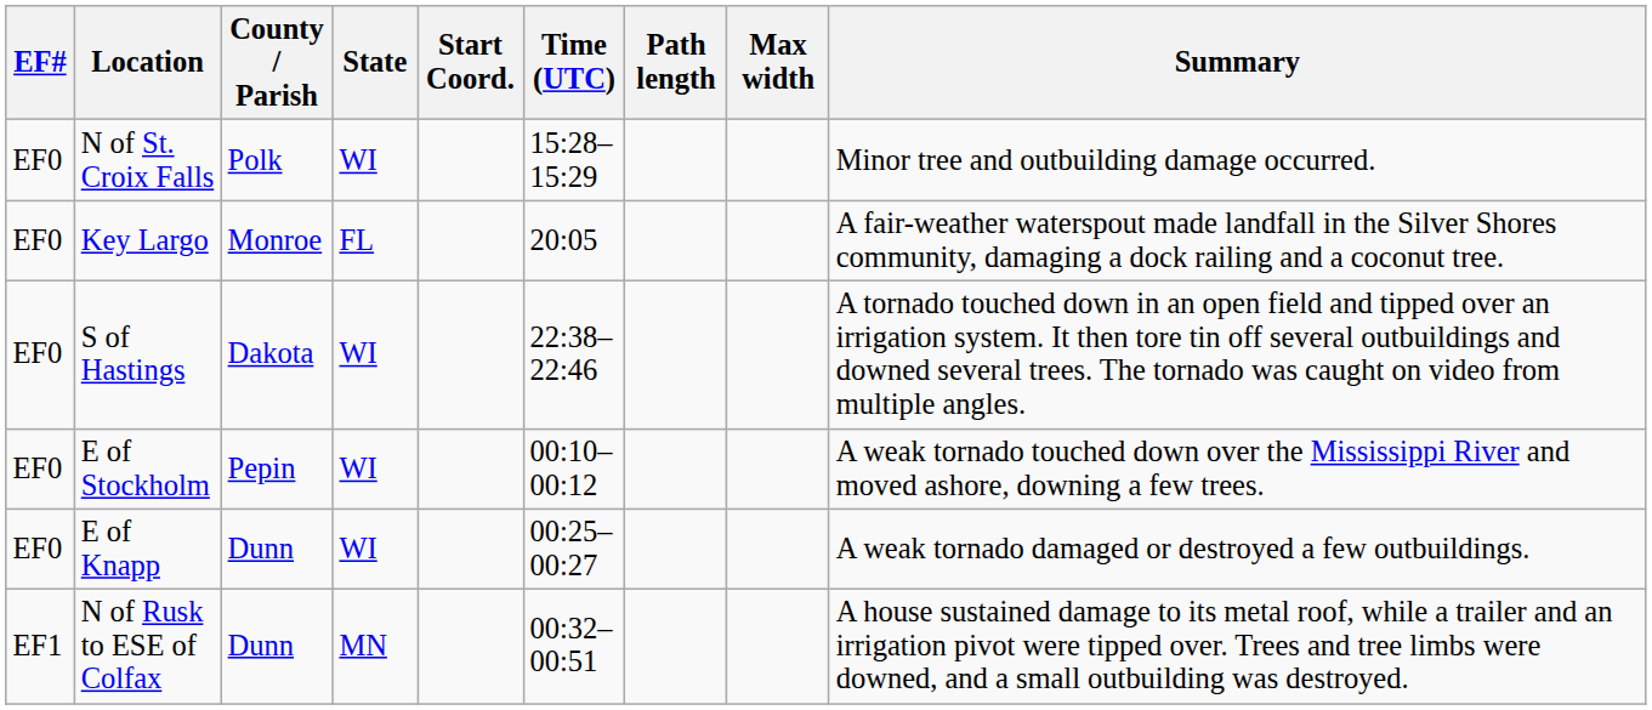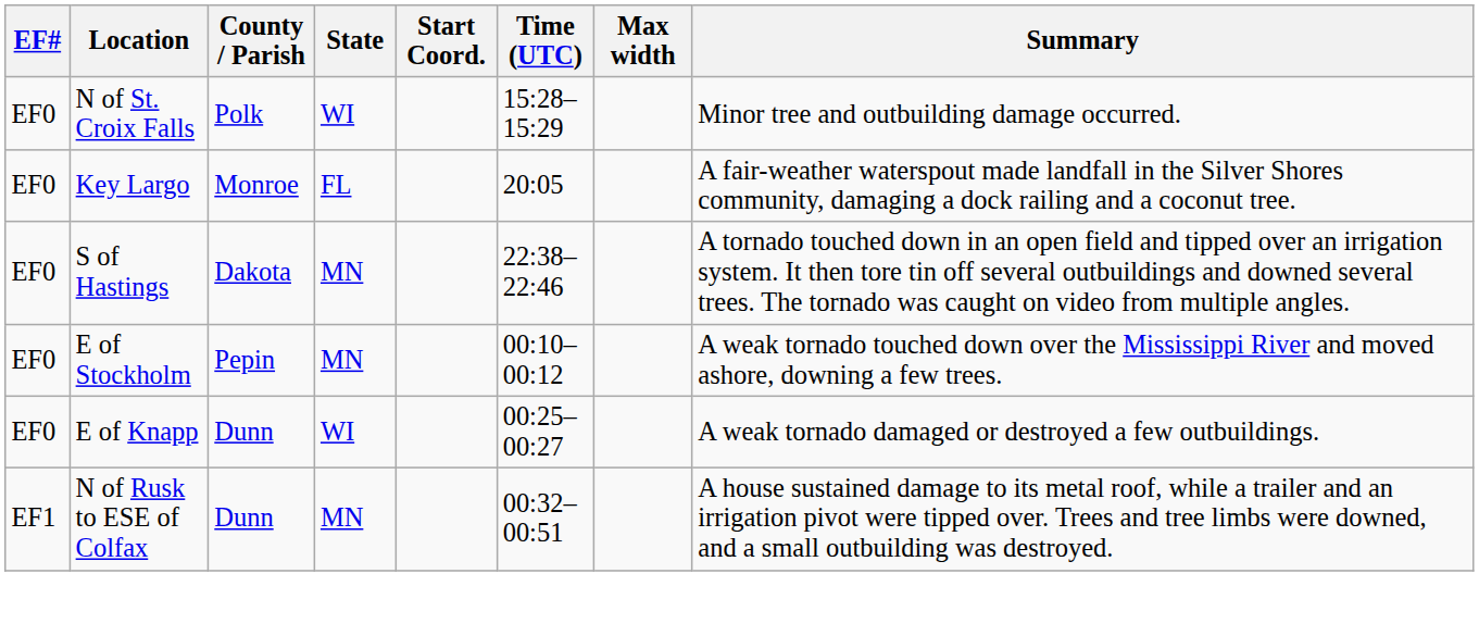 <table class="wikitable sortable" style="width:100%;">
 <tr>
 <th scope="col"  style="width:3%; text-align:center;"><a href='#'>EF#</a></th>
 <th scope="col"  style="width:7%; text-align:center;" class="unsortable">Location</th>
 <th scope="col"  style="width:6%; text-align:center;" class="unsortable">County / Parish</th>
 <th scope="col"  style="width:5%; text-align:center;">State</th>
 <th scope="col"  style="width:6%; text-align:center;">Start Coord.</th>
 <th scope="col"  style="width:6%; text-align:center;">Time (<a href='#'>UTC</a>)</th>
-<th scope="col"  style="width:6%; text-align:center;">Path length</th>
 <th scope="col"  style="width:6%; text-align:center;">Max width</th>
 <th scope="col" class="unsortable" style="width:48%; text-align:center;">Summary</th>
 </tr>
 <tr>
 <td>EF0</td>
 <td>N of <a href='#'>St. Croix Falls</a></td>
 <td><a href='#'>Polk</a></td>
 <td><a href='#'>WI</a></td>
 <td></td>
 <td>15:28–15:29</td>
 <td></td>
-<td></td>
 <td>Minor tree and outbuilding damage occurred.</td>
 </tr>
 <tr>
 <td>EF0</td>
 <td><a href='#'>Key Largo</a></td>
 <td><a href='#'>Monroe</a></td>
 <td><a href='#'>FL</a></td>
 <td></td>
 <td>20:05</td>
 <td></td>
-<td></td>
 <td>A fair-weather waterspout made landfall in the Silver Shores community, damaging a dock railing and a coconut tree.</td>
 </tr>
 <tr>
 <td>EF0</td>
 <td>S of <a href='#'>Hastings</a></td>
 <td><a href='#'>Dakota</a></td>
-<td><a href='#'>WI</a></td>
+<td><a href='#'>MN</a></td>
 <td></td>
 <td>22:38–22:46</td>
-<td></td>
 <td></td>
 <td>A tornado touched down in an open field and tipped over an irrigation system. It then tore tin off several outbuildings and downed several trees. The tornado was caught on video from multiple angles.</td>
 </tr>
 <tr>
 <td>EF0</td>
 <td>E of <a href='#'>Stockholm</a></td>
 <td><a href='#'>Pepin</a></td>
-<td><a href='#'>WI</a></td>
+<td><a href='#'>MN</a></td>
 <td></td>
 <td>00:10–00:12</td>
-<td></td>
 <td></td>
 <td>A weak tornado touched down over the <a href='#'>Mississippi River</a> and moved ashore, downing a few trees.</td>
 </tr>
 <tr>
 <td>EF0</td>
 <td>E of <a href='#'>Knapp</a></td>
 <td><a href='#'>Dunn</a></td>
 <td><a href='#'>WI</a></td>
 <td></td>
 <td>00:25–00:27</td>
 <td></td>
-<td></td>
 <td>A weak tornado damaged or destroyed a few outbuildings.</td>
 </tr>
 <tr>
 <td>EF1</td>
 <td>N of <a href='#'>Rusk</a> to ESE of <a href='#'>Colfax</a></td>
 <td><a href='#'>Dunn</a></td>
 <td><a href='#'>MN</a></td>
 <td></td>
 <td>00:32–00:51</td>
 <td></td>
-<td></td>
 <td>A house sustained damage to its metal roof, while a trailer and an irrigation pivot were tipped over. Trees and tree limbs were downed, and a small outbuilding was destroyed.</td>
 </tr>
 </table>
